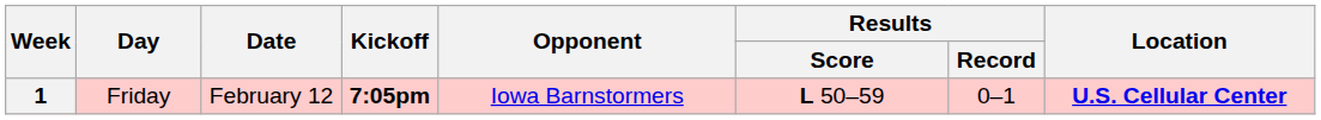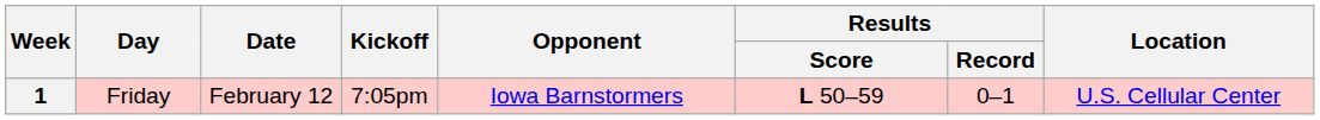 <table class="wikitable">
 <tr>
 <th rowspan="2" width="40">Week</th>
 <th rowspan="2" width="80">Day</th>
 <th rowspan="2" width="90">Date</th>
 <th rowspan="2" width="60">Kickoff</th>
 <th rowspan="2" width="200">Opponent</th>
 <th colspan="2" width="200">Results</th>
 <th rowspan="2" width="180">Location</th>
 </tr>
 <tr>
 <th width="140">Score</th>
 <th width="60">Record</th>
 </tr>
 <tr align="center" bgcolor="#FFCCCC">
 <th>1</th>
 <td>Friday</td>
 <td>February 12</td>
-<td><strong>7:05pm</strong></td>
+<td>7:05pm</td>
 <td><a href='#'>Iowa Barnstormers</a></td>
 <td><strong>L</strong> 50–59</td>
 <td>0–1</td>
-<td><strong><a href='#'>U.S. Cellular Center</a></strong></td>
+<td><a href='#'>U.S. Cellular Center</a></td>
 </tr>
 </table>
